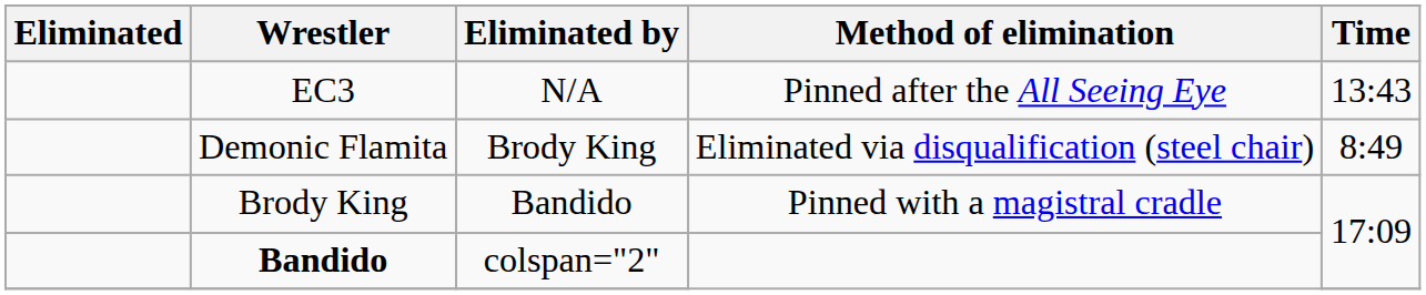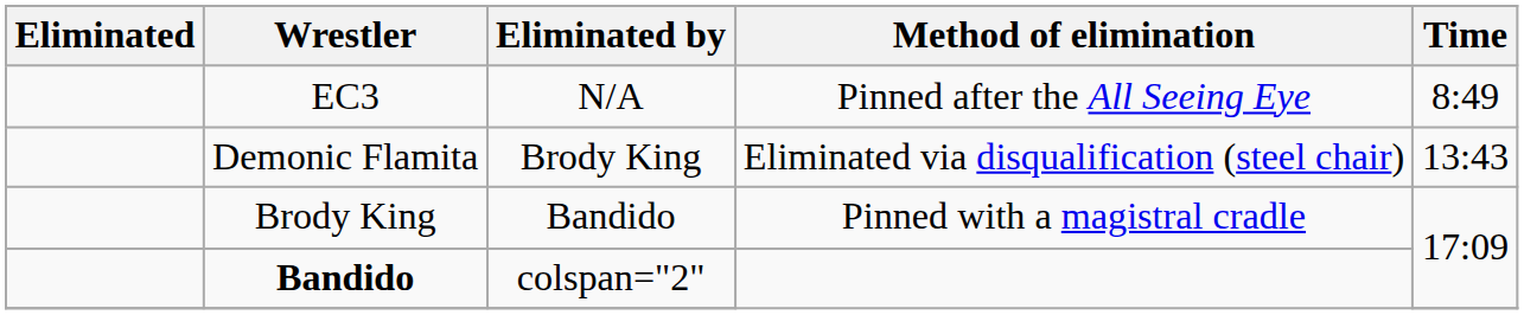 <table class="wikitable sortable" style="text-align:center;">
 <tr>
 <th>Eliminated</th>
 <th>Wrestler</th>
 <th>Eliminated by</th>
 <th>Method of elimination</th>
 <th>Time</th>
 </tr>
 <tr>
 <td></td>
 <td>EC3</td>
 <td>N/A</td>
 <td>Pinned after the <em><a href='#'>All Seeing Eye</a></em></td>
-<td>13:43</td>
+<td>8:49</td>
 </tr>
 <tr>
 <td></td>
 <td>Demonic Flamita</td>
 <td>Brody King</td>
 <td>Eliminated via <a href='#'>disqualification</a> (<a href='#'>steel chair</a>)</td>
-<td>8:49</td>
+<td>13:43</td>
 </tr>
 <tr>
 <td></td>
 <td>Brody King</td>
 <td>Bandido</td>
 <td>Pinned with a <a href='#'>magistral cradle</a></td>
 <td rowspan="2">17:09</td>
 </tr>
 <tr>
 <td><strong></strong></td>
 <td><strong>Bandido</strong></td>
 <td>colspan="2" </td>
 </tr>
 <tr>
 </tr>
 </table>
